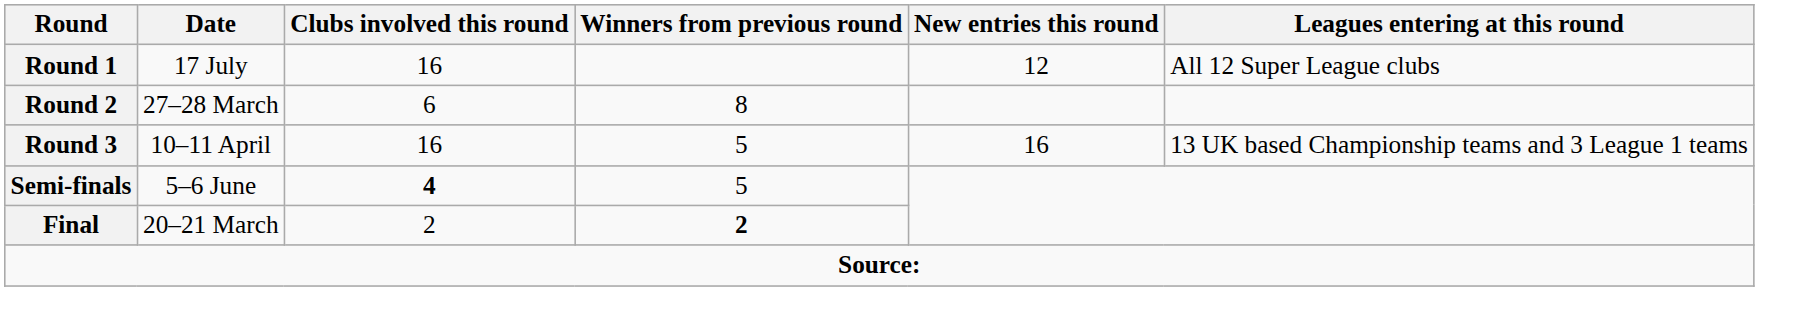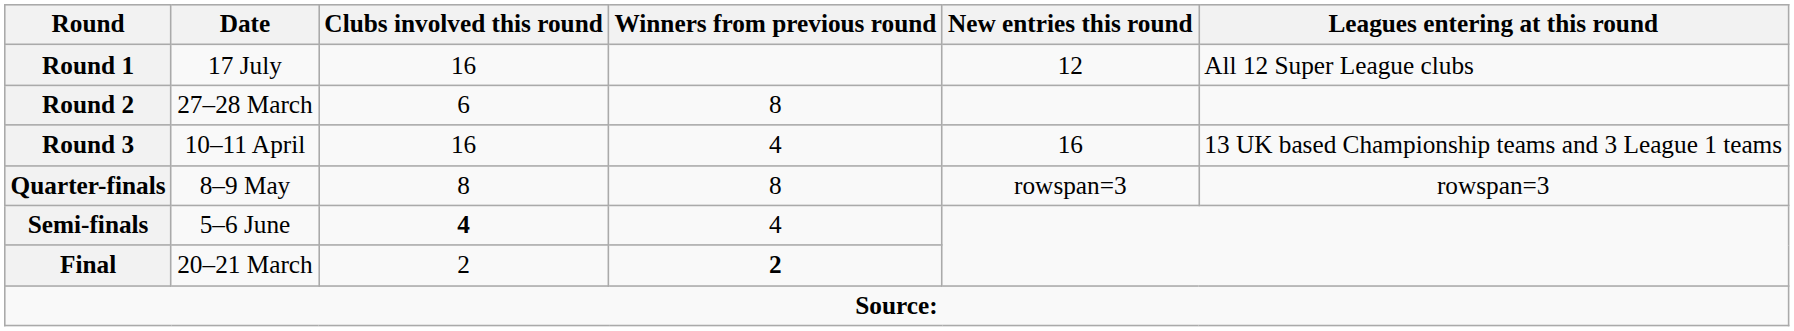 <table class="wikitable plainrowheaders" style="text-align:center">
 <tr>
 <th scope="col">Round</th>
 <th scope="col">Date</th>
 <th scope="col">Clubs involved this round</th>
 <th scope="col">Winners from previous round</th>
 <th scope="col">New entries this round</th>
 <th scope="col">Leagues entering at this round</th>
 </tr>
 <tr>
 <th scope="row" style="text-align:center;">Round 1</th>
 <td>17 July</td>
 <td>16</td>
 <td></td>
 <td>12</td>
 <td style="text-align: left;">All 12 Super League clubs</td>
 </tr>
 <tr>
 <th scope="row" style="text-align:center;">Round 2</th>
 <td>27–28 March</td>
 <td>6</td>
 <td>8</td>
 <td></td>
 <td></td>
 </tr>
 <tr>
 <th scope="row" style="text-align:center;">Round 3</th>
 <td>10–11 April</td>
 <td>16</td>
-<td>5</td>
+<td>4</td>
 <td>16</td>
 <td style="text-align: left;">13 UK based Championship teams and 3 League 1 teams</td>
+</tr>
+<tr>
+<th scope="row" style="text-align:center;">Quarter-finals</th>
+<td>8–9 May</td>
+<td>8</td>
+<td>8</td>
+<td>rowspan=3</td>
+<td>rowspan=3</td>
 </tr>
 <tr>
 <th scope="row" style="text-align:center;">Semi-finals</th>
 <td>5–6 June</td>
 <td><strong>4</strong></td>
-<td>5</td>
+<td>4</td>
 </tr>
 <tr>
 <th scope="row" style="text-align:center;">Final</th>
 <td>20–21 March</td>
 <td>2</td>
 <td><strong>2</strong></td>
 </tr>
 <tr>
 <td colspan=6 style="text-align: center;"><strong>Source:</strong></td>
 </tr>
 </table>
